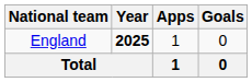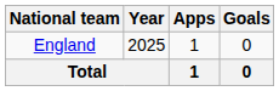 <table class="wikitable" style="text-align: center;">
 <tr>
 <th>National team</th>
 <th>Year</th>
 <th>Apps</th>
 <th>Goals</th>
 </tr>
 <tr>
 <td rowspan="1"><a href='#'>England</a></td>
-<td><strong>2025</strong></td>
+<td>2025</td>
 <td>1</td>
 <td>0</td>
 </tr>
 <tr>
 <th colspan="2">Total</th>
 <th>1</th>
 <th>0</th>
 </tr>
 </table>
